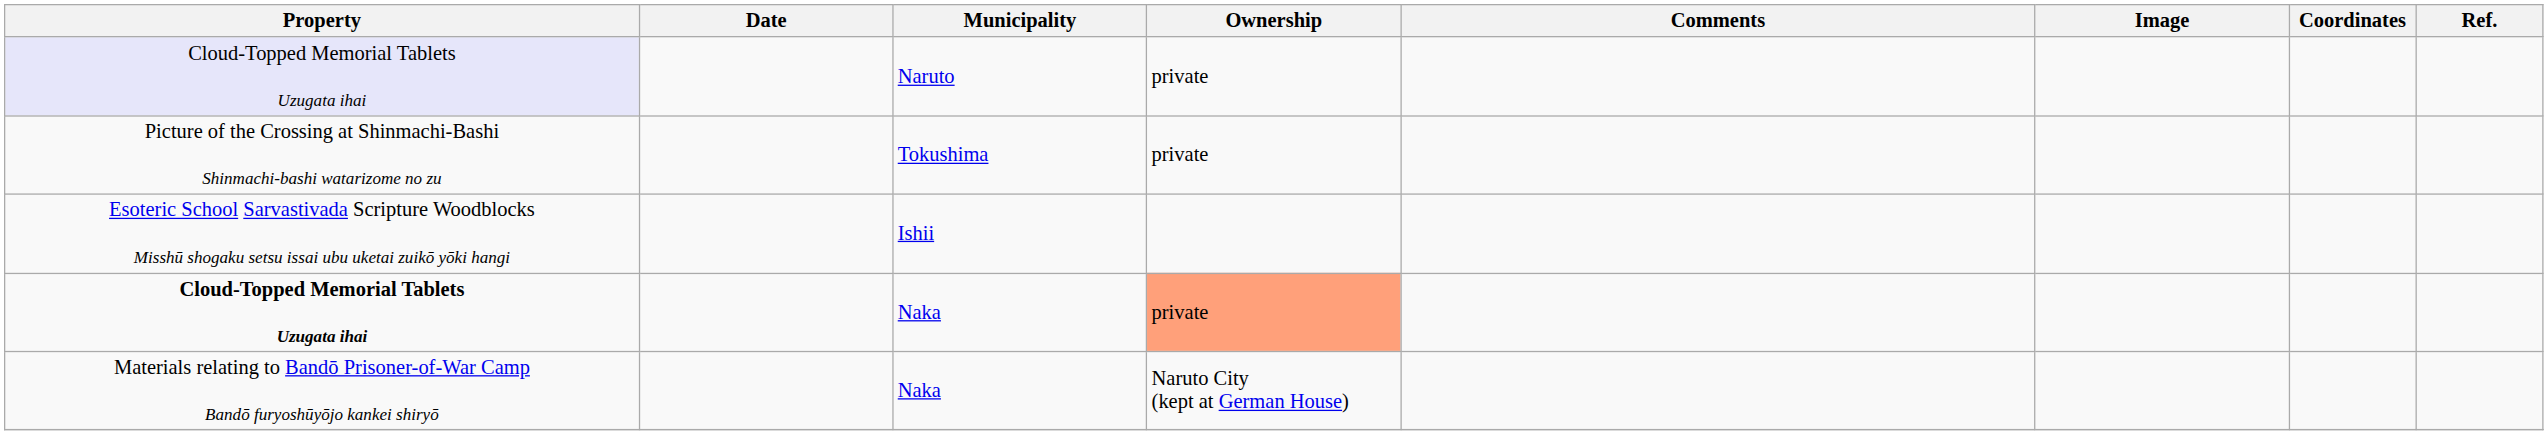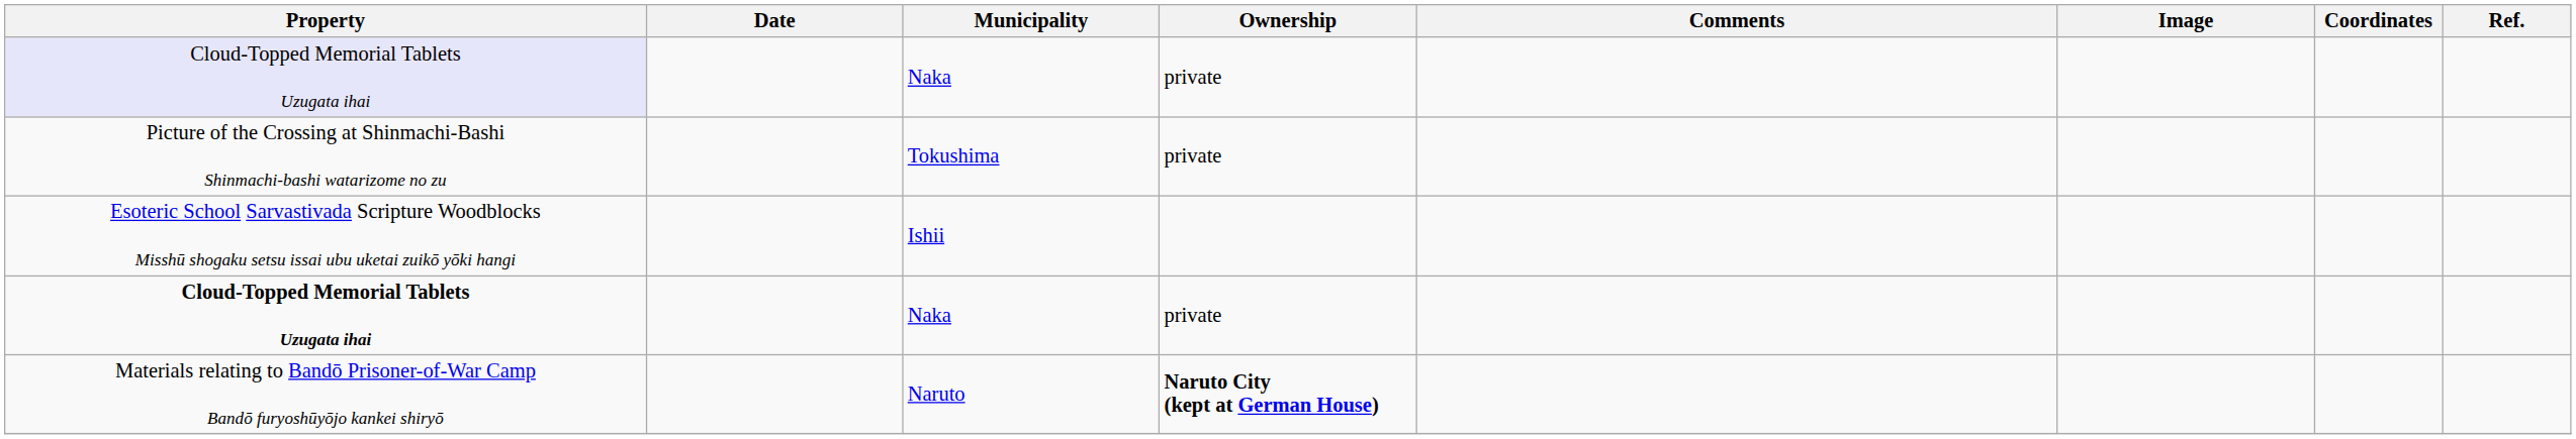 <table class="wikitable sortable"  style="width:100%;">
 <tr>
 <th width="25%" align="left">Property</th>
 <th width="10%" align="left">Date</th>
 <th width="10%" align="left">Municipality</th>
 <th width="10%" align="left">Ownership</th>
 <th width="25%" align="left" class="unsortable">Comments</th>
 <th width="10%" align="left" class="unsortable">Image</th>
 <th width="5%" align="left" class="unsortable">Coordinates</th>
 <th width="5%" align="left" class="unsortable">Ref.</th>
 </tr>
 <tr>
 <td align="center" style="background: lavender;">Cloud-Topped Memorial Tablets<br><br><small><em>Uzugata ihai</em></small></td>
 <td></td>
-<td><a href='#'>Naruto</a></td>
+<td><a href='#'>Naka</a></td>
 <td>private</td>
 <td></td>
 <td></td>
 <td></td>
 <td></td>
 </tr>
 <tr>
 <td align="center">Picture of the Crossing at Shinmachi-Bashi<br><br><small><em>Shinmachi-bashi watarizome no zu</em></small></td>
 <td></td>
 <td><a href='#'>Tokushima</a></td>
 <td>private</td>
 <td></td>
 <td></td>
 <td></td>
 <td></td>
 </tr>
 <tr>
 <td align="center"><a href='#'>Esoteric School</a> <a href='#'>Sarvastivada</a> Scripture Woodblocks<br><br><small><em>Misshū shogaku setsu issai ubu uketai zuikō yōki hangi</em></small></td>
 <td></td>
 <td><a href='#'>Ishii</a></td>
 <td></td>
 <td></td>
 <td></td>
 <td></td>
 <td></td>
 </tr>
 <tr>
 <td align="center"><strong>Cloud-Topped Memorial Tablets<br><br><small><em>Uzugata ihai</em></small></strong></td>
 <td></td>
 <td><a href='#'>Naka</a></td>
-<td style="background: lightsalmon;">private</td>
+<td>private</td>
 <td></td>
 <td></td>
 <td></td>
 <td></td>
 </tr>
 <tr>
 <td align="center">Materials relating to <a href='#'>Bandō Prisoner-of-War Camp</a><br><br><small><em>Bandō furyoshūyōjo kankei shiryō</em></small></td>
 <td></td>
-<td><a href='#'>Naka</a></td>
-<td>Naruto City<br>(kept at <a href='#'>German House</a>)</td>
+<td><a href='#'>Naruto</a></td>
+<td><strong>Naruto City<br>(kept at <a href='#'>German House</a>)</strong></td>
 <td></td>
 <td></td>
 <td></td>
 <td></td>
 </tr>
 <tr>
 </tr>
 </table>
